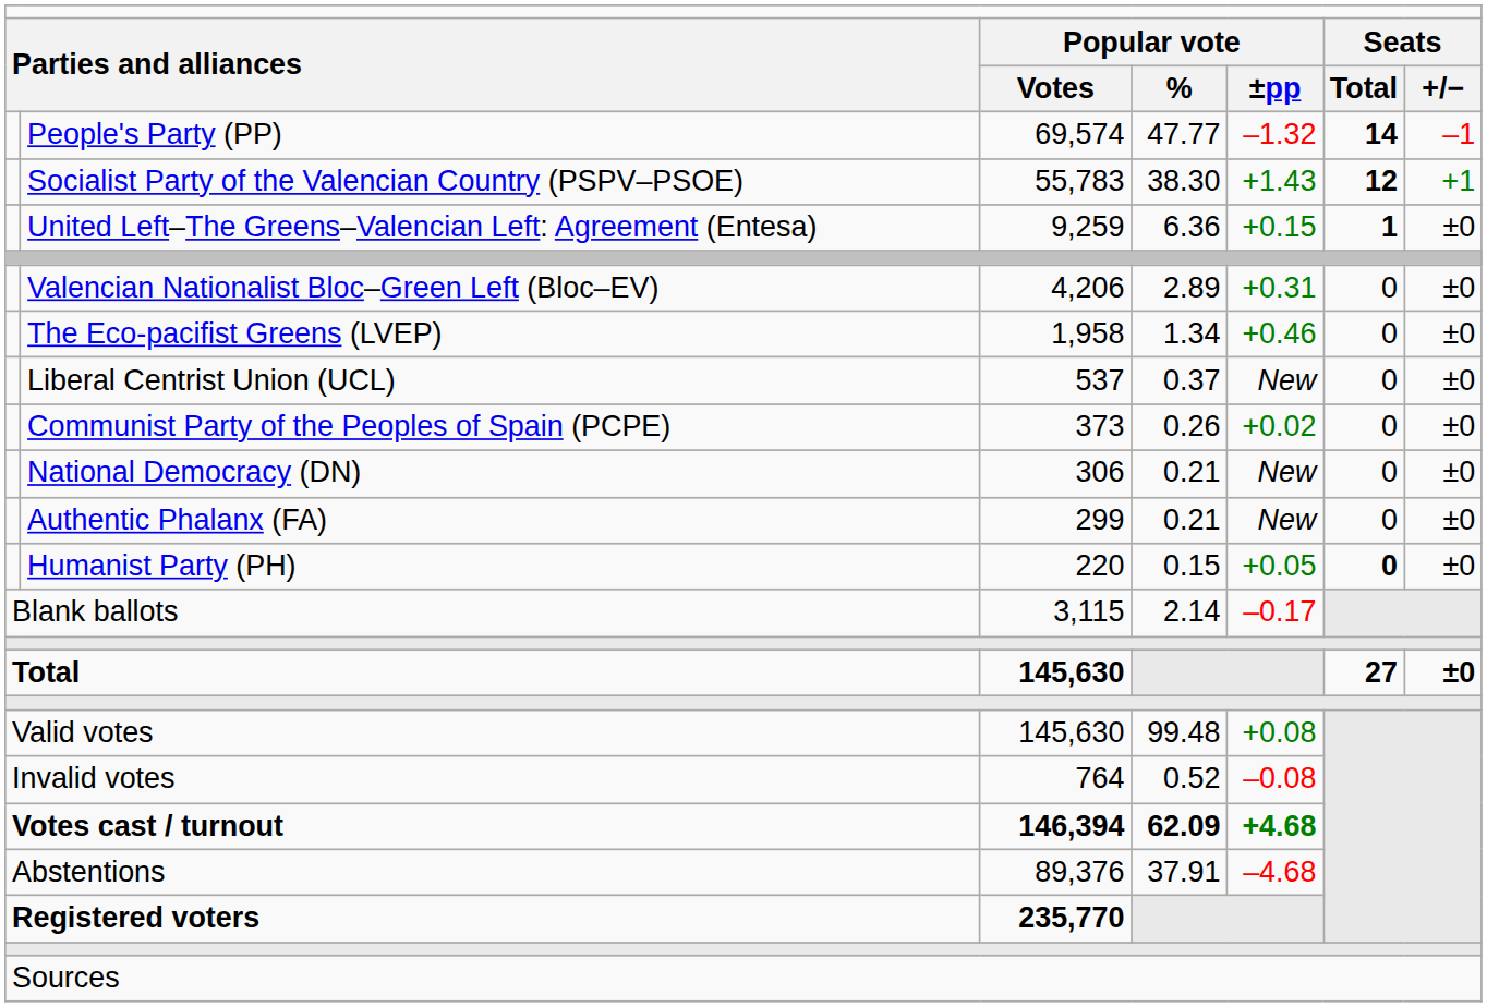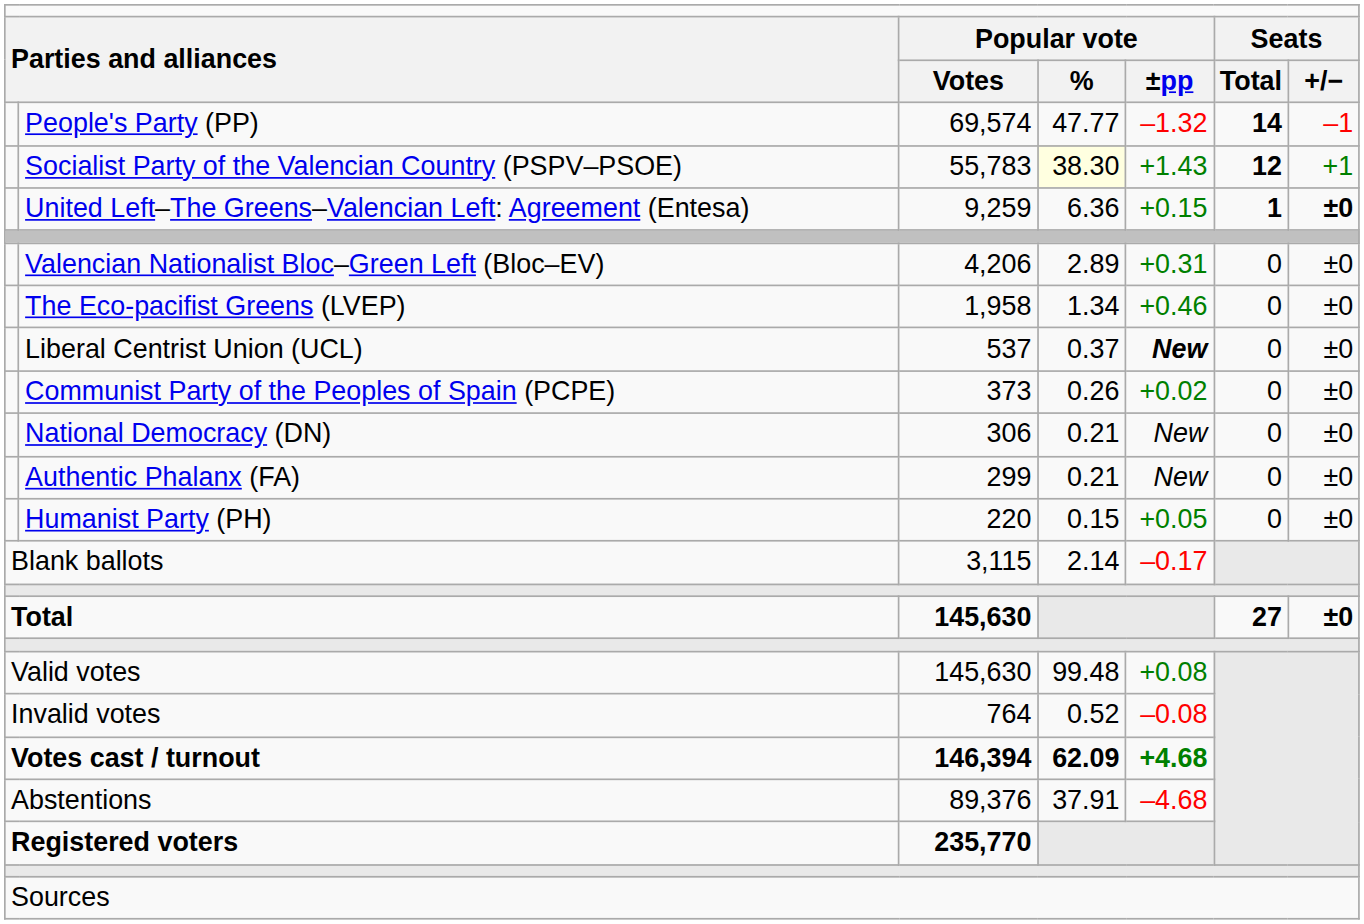 <table class="wikitable" style="text-align:right;">
 <tr>
 <td colspan="7"></td>
 </tr>
 <tr>
 <th style="text-align:left;" rowspan="2" colspan="2" width="525">Parties and alliances</th>
 <th colspan="3">Popular vote</th>
 <th colspan="2">Seats</th>
 </tr>
 <tr>
 <th width="75">Votes</th>
 <th width="45">%</th>
 <th width="45">±<a href='#'>pp</a></th>
 <th width="35">Total</th>
 <th width="35">+/−</th>
 </tr>
 <tr>
 <td width="1" style="color:inherit;background:"></td>
 <td align="left"><a href='#'>People's Party</a> (PP)</td>
 <td>69,574</td>
 <td>47.77</td>
 <td style="color:red;">–1.32</td>
 <td><strong>14</strong></td>
 <td style="color:red;">–1</td>
 </tr>
 <tr>
 <td style="color:inherit;background:"></td>
 <td align="left"><a href='#'>Socialist Party of the Valencian Country</a> (PSPV–PSOE)</td>
 <td>55,783</td>
-<td>38.30</td>
+<td style="background: lightyellow;">38.30</td>
 <td style="color:green;">+1.43</td>
 <td><strong>12</strong></td>
 <td style="color:green;">+1</td>
 </tr>
 <tr>
 <td style="color:inherit;background:"></td>
 <td align="left"><a href='#'>United Left</a>–<a href='#'>The Greens</a>–<a href='#'>Valencian Left</a>: <a href='#'>Agreement</a> (Entesa)</td>
 <td>9,259</td>
 <td>6.36</td>
 <td style="color:green;">+0.15</td>
 <td><strong>1</strong></td>
-<td>±0</td>
+<td><strong>±0</strong></td>
 </tr>
 <tr>
 <td colspan="7" bgcolor="#C0C0C0"></td>
 </tr>
 <tr>
 <td style="color:inherit;background:"></td>
 <td align="left"><a href='#'>Valencian Nationalist Bloc</a>–<a href='#'>Green Left</a> (Bloc–EV)</td>
 <td>4,206</td>
 <td>2.89</td>
 <td style="color:green;">+0.31</td>
 <td>0</td>
 <td>±0</td>
 </tr>
 <tr>
 <td style="color:inherit;background:"></td>
 <td align="left"><a href='#'>The Eco-pacifist Greens</a> (LVEP)</td>
 <td>1,958</td>
 <td>1.34</td>
 <td style="color:green;">+0.46</td>
 <td>0</td>
 <td>±0</td>
 </tr>
 <tr>
 <td style="color:inherit;background:"></td>
 <td align="left">Liberal Centrist Union (UCL)</td>
 <td>537</td>
 <td>0.37</td>
-<td><em>New</em></td>
+<td><strong><em>New</em></strong></td>
 <td>0</td>
 <td>±0</td>
 </tr>
 <tr>
 <td style="color:inherit;background:"></td>
 <td align="left"><a href='#'>Communist Party of the Peoples of Spain</a> (PCPE)</td>
 <td>373</td>
 <td>0.26</td>
 <td style="color:green;">+0.02</td>
 <td>0</td>
 <td>±0</td>
 </tr>
 <tr>
 <td style="color:inherit;background:"></td>
 <td align="left"><a href='#'>National Democracy</a> (DN)</td>
 <td>306</td>
 <td>0.21</td>
 <td><em>New</em></td>
 <td>0</td>
 <td>±0</td>
 </tr>
 <tr>
 <td style="color:inherit;background:"></td>
 <td align="left"><a href='#'>Authentic Phalanx</a> (FA)</td>
 <td>299</td>
 <td>0.21</td>
 <td><em>New</em></td>
 <td>0</td>
 <td>±0</td>
 </tr>
 <tr>
 <td style="color:inherit;background:"></td>
 <td align="left"><a href='#'>Humanist Party</a> (PH)</td>
 <td>220</td>
 <td>0.15</td>
 <td style="color:green;">+0.05</td>
-<td><strong>0</strong></td>
+<td>0</td>
 <td>±0</td>
 </tr>
 <tr>
 <td align="left" colspan="2">Blank ballots</td>
 <td>3,115</td>
 <td>2.14</td>
 <td style="color:red;">–0.17</td>
 <td bgcolor="#E9E9E9" colspan="2"></td>
 </tr>
 <tr>
 <td colspan="7" bgcolor="#E9E9E9"></td>
 </tr>
 <tr style="font-weight:bold;">
 <td align="left" colspan="2">Total</td>
 <td>145,630</td>
 <td bgcolor="#E9E9E9" colspan="2"></td>
 <td>27</td>
 <td>±0</td>
 </tr>
 <tr>
 <td colspan="7" bgcolor="#E9E9E9"></td>
 </tr>
 <tr>
 <td align="left" colspan="2">Valid votes</td>
 <td>145,630</td>
 <td>99.48</td>
 <td style="color:green;">+0.08</td>
 <td bgcolor="#E9E9E9" colspan="2" rowspan="5"></td>
 </tr>
 <tr>
 <td align="left" colspan="2">Invalid votes</td>
 <td>764</td>
 <td>0.52</td>
 <td style="color:red;">–0.08</td>
 </tr>
 <tr style="font-weight:bold;">
 <td align="left" colspan="2">Votes cast / turnout</td>
 <td>146,394</td>
 <td>62.09</td>
 <td style="color:green;">+4.68</td>
 </tr>
 <tr>
 <td align="left" colspan="2">Abstentions</td>
 <td>89,376</td>
 <td>37.91</td>
 <td style="color:red;">–4.68</td>
 </tr>
 <tr style="font-weight:bold;">
 <td align="left" colspan="2">Registered voters</td>
 <td>235,770</td>
 <td bgcolor="#E9E9E9" colspan="2"></td>
 </tr>
 <tr>
 <td colspan="7" bgcolor="#E9E9E9"></td>
 </tr>
 <tr>
 <td align="left" colspan="7">Sources</td>
 </tr>
 </table>
